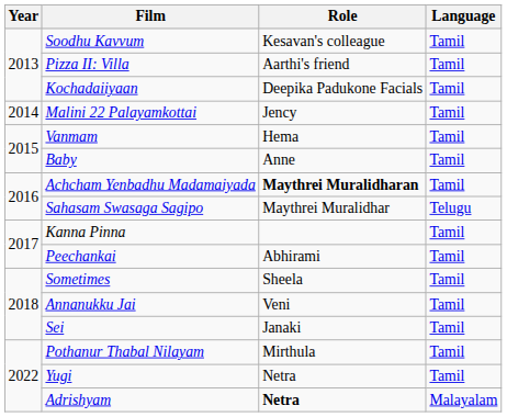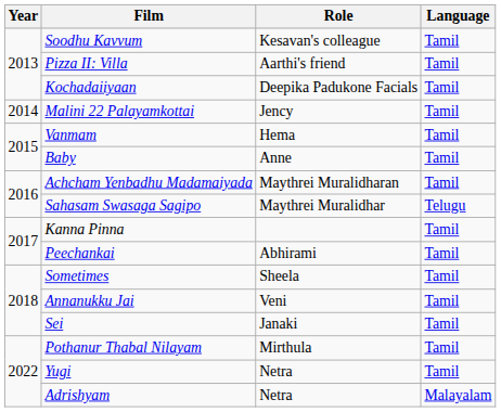 <table class="wikitable sortable">
 <tr style="background:#cccccf; text-align:center;">
 <th>Year</th>
 <th>Film</th>
 <th>Role</th>
 <th>Language</th>
 </tr>
 <tr>
 <td rowspan="3">2013</td>
 <td><em><a href='#'>Soodhu Kavvum</a></em></td>
 <td>Kesavan's colleague</td>
 <td><a href='#'>Tamil</a></td>
 </tr>
 <tr>
 <td><em><a href='#'>Pizza II: Villa</a></em></td>
 <td>Aarthi's friend</td>
 <td><a href='#'>Tamil</a></td>
 </tr>
 <tr>
 <td><em><a href='#'>Kochadaiiyaan</a></em></td>
 <td>Deepika Padukone Facials</td>
 <td><a href='#'>Tamil</a></td>
 </tr>
 <tr>
 <td>2014</td>
 <td><em><a href='#'>Malini 22 Palayamkottai</a></em></td>
 <td>Jency</td>
 <td><a href='#'>Tamil</a></td>
 </tr>
 <tr>
 <td rowspan=2>2015</td>
 <td><em><a href='#'>Vanmam</a></em></td>
 <td>Hema</td>
 <td><a href='#'>Tamil</a></td>
 </tr>
 <tr>
 <td><em><a href='#'>Baby</a></em></td>
 <td>Anne</td>
 <td><a href='#'>Tamil</a></td>
 </tr>
 <tr>
 <td rowspan="2">2016</td>
 <td><em><a href='#'>Achcham Yenbadhu Madamaiyada</a></em></td>
-<td><strong>Maythrei Muralidharan</strong></td>
+<td>Maythrei Muralidharan</td>
 <td><a href='#'>Tamil</a></td>
 </tr>
 <tr>
 <td><em><a href='#'>Sahasam Swasaga Sagipo</a></em></td>
 <td>Maythrei Muralidhar</td>
 <td><a href='#'>Telugu</a></td>
 </tr>
 <tr>
 <td rowspan="2">2017</td>
 <td><em>Kanna Pinna</em></td>
 <td></td>
 <td><a href='#'>Tamil</a></td>
 </tr>
 <tr>
 <td><em><a href='#'>Peechankai</a></em></td>
 <td>Abhirami</td>
 <td><a href='#'>Tamil</a></td>
 </tr>
 <tr>
 <td rowspan="3">2018</td>
 <td><em><a href='#'>Sometimes</a></em></td>
 <td>Sheela</td>
 <td><a href='#'>Tamil</a></td>
 </tr>
 <tr>
 <td><em><a href='#'>Annanukku Jai</a></em></td>
 <td>Veni</td>
 <td><a href='#'>Tamil</a></td>
 </tr>
 <tr>
 <td><em><a href='#'>Sei</a></em></td>
 <td>Janaki</td>
 <td><a href='#'>Tamil</a></td>
 </tr>
 <tr>
 <td Rowspan=3>2022</td>
 <td><em><a href='#'>Pothanur Thabal Nilayam</a></em></td>
 <td>Mirthula</td>
 <td><a href='#'>Tamil</a></td>
 </tr>
 <tr>
 <td><em><a href='#'>Yugi</a></em></td>
 <td>Netra</td>
 <td><a href='#'>Tamil</a></td>
 </tr>
 <tr>
 <td><em><a href='#'>Adrishyam</a></em></td>
-<td><strong>Netra</strong></td>
+<td>Netra</td>
 <td><a href='#'>Malayalam</a></td>
 </tr>
 </table>
